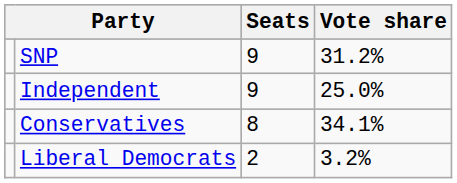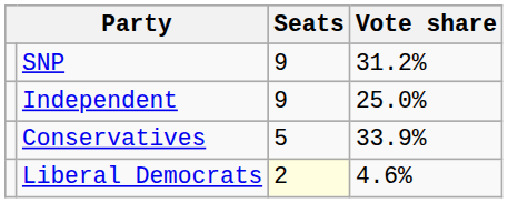 <table class="wikitable">
 <tr>
 <th scope="col" colspan="2">Party</th>
 <th scope="col">Seats</th>
 <th scope="col">Vote share</th>
 </tr>
 <tr>
 <td style="background-color: "></td>
 <td scope="row"><a href='#'>SNP</a></td>
 <td>9</td>
 <td>31.2%</td>
 </tr>
 <tr>
 <td style="background-color: "></td>
 <td scope="row"><a href='#'>Independent</a></td>
 <td>9</td>
 <td>25.0%</td>
 </tr>
 <tr>
 <td style="background-color: "></td>
 <td scope="row"><a href='#'>Conservatives</a></td>
-<td>8</td>
-<td>34.1%</td>
+<td>5</td>
+<td>33.9%</td>
 </tr>
 <tr>
 <td style="background-color: "></td>
 <td scope="row"><a href='#'>Liberal Democrats</a></td>
-<td>2</td>
-<td>3.2%</td>
+<td style="background: lightyellow;">2</td>
+<td>4.6%</td>
 </tr>
 </table>
